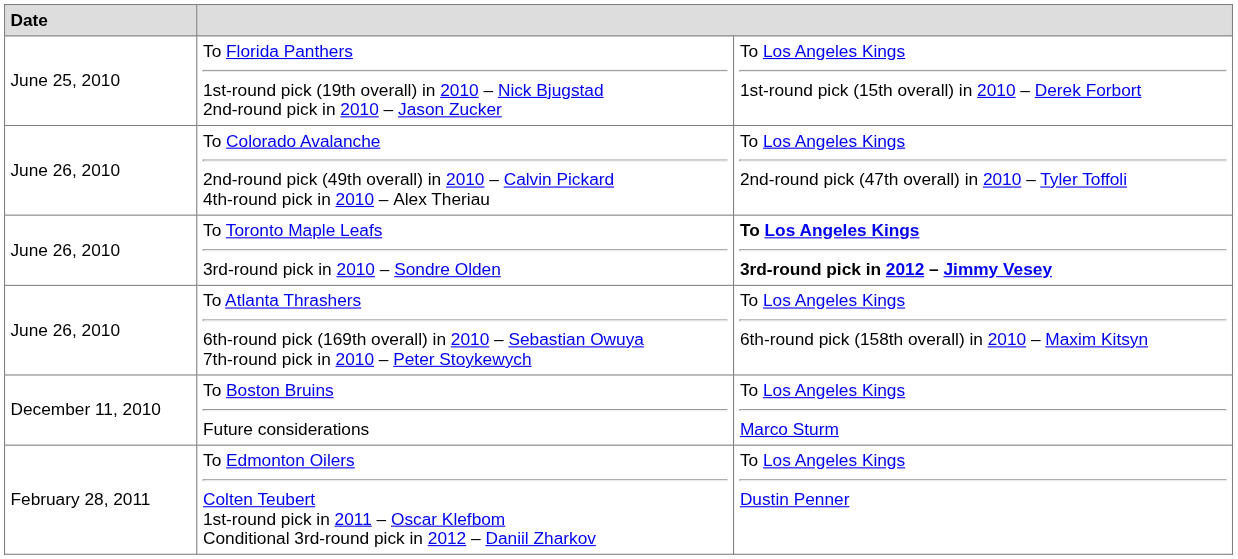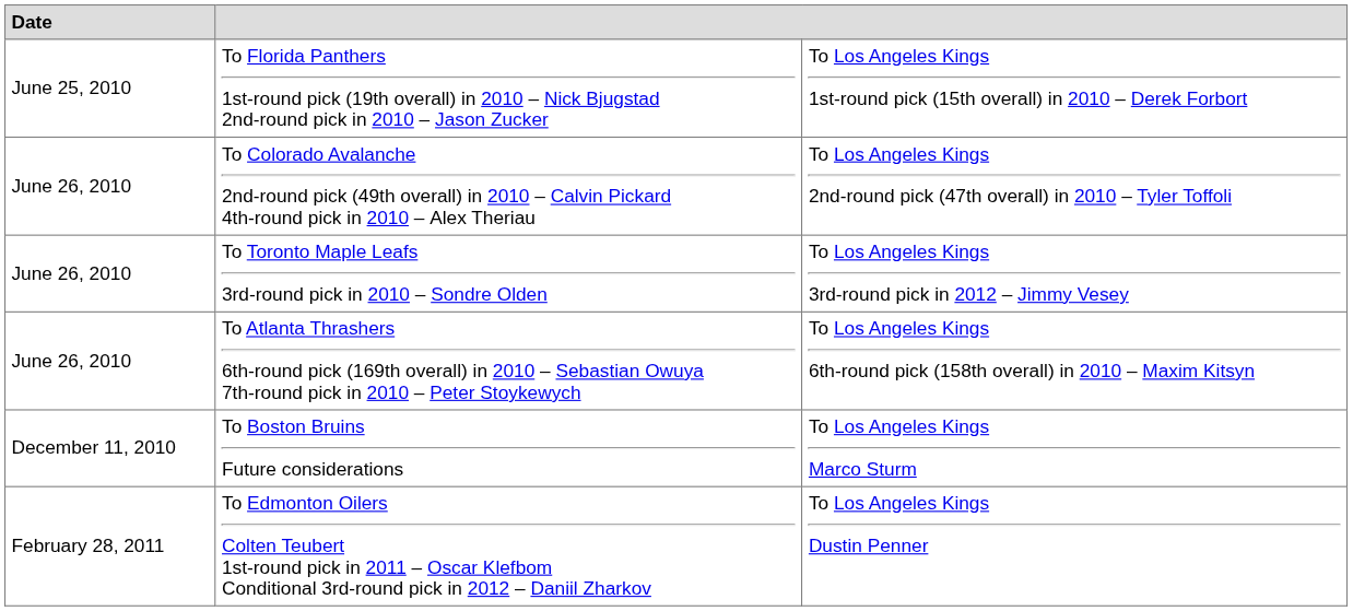 <table border="1"  cellpadding="5" style="border-collapse:collapse; width:90%;">
 <tr style="background:#ddd;">
 <td><strong>Date</strong></td>
 <th colspan="2"></th>
 </tr>
 <tr>
 <td>June 25, 2010</td>
 <td valign="top">To <a href='#'>Florida Panthers</a> <hr>1st-round pick (19th overall) in <a href='#'>2010</a> – <a href='#'>Nick Bjugstad</a><br>2nd-round pick in <a href='#'>2010</a> – <a href='#'>Jason Zucker</a></td>
 <td valign="top">To <a href='#'>Los Angeles Kings</a> <hr>1st-round pick (15th overall) in <a href='#'>2010</a> – <a href='#'>Derek Forbort</a></td>
 </tr>
 <tr>
 <td>June 26, 2010</td>
 <td valign="top">To <a href='#'>Colorado Avalanche</a> <hr>2nd-round pick (49th overall) in <a href='#'>2010</a> – <a href='#'>Calvin Pickard</a><br>4th-round pick in <a href='#'>2010</a> – Alex Theriau</td>
 <td valign="top">To <a href='#'>Los Angeles Kings</a> <hr>2nd-round pick (47th overall) in <a href='#'>2010</a> – <a href='#'>Tyler Toffoli</a></td>
 </tr>
 <tr>
 <td>June 26, 2010</td>
 <td valign="top">To <a href='#'>Toronto Maple Leafs</a> <hr>3rd-round pick in <a href='#'>2010</a> – <a href='#'>Sondre Olden</a></td>
-<td valign="top"><strong>To <a href='#'>Los Angeles Kings</a> <hr>3rd-round pick in <a href='#'>2012</a> – <a href='#'>Jimmy Vesey</a></strong></td>
+<td valign="top">To <a href='#'>Los Angeles Kings</a> <hr>3rd-round pick in <a href='#'>2012</a> – <a href='#'>Jimmy Vesey</a></td>
 </tr>
 <tr>
 <td>June 26, 2010</td>
 <td valign="top">To <a href='#'>Atlanta Thrashers</a> <hr>6th-round pick (169th overall) in <a href='#'>2010</a> – <a href='#'>Sebastian Owuya</a><br>7th-round pick in <a href='#'>2010</a> – <a href='#'>Peter Stoykewych</a></td>
 <td valign="top">To <a href='#'>Los Angeles Kings</a> <hr>6th-round pick (158th overall) in <a href='#'>2010</a> – <a href='#'>Maxim Kitsyn</a></td>
 </tr>
 <tr>
 <td>December 11, 2010</td>
 <td valign="top">To <a href='#'>Boston Bruins</a> <hr>Future considerations</td>
 <td valign="top">To <a href='#'>Los Angeles Kings</a> <hr><a href='#'>Marco Sturm</a></td>
 </tr>
 <tr>
 <td>February 28, 2011</td>
 <td valign="top">To <a href='#'>Edmonton Oilers</a> <hr><a href='#'>Colten Teubert</a><br>1st-round pick in <a href='#'>2011</a> – <a href='#'>Oscar Klefbom</a><br>Conditional 3rd-round pick in <a href='#'>2012</a> – <a href='#'>Daniil Zharkov</a></td>
 <td valign="top">To <a href='#'>Los Angeles Kings</a> <hr><a href='#'>Dustin Penner</a></td>
 </tr>
 </table>
